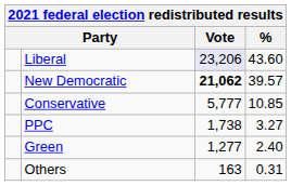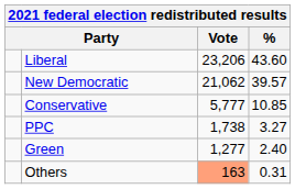 <table class="wikitable">
 <tr>
 <th colspan="4"><a href='#'>2021 federal election</a> redistributed results</th>
 </tr>
 <tr>
 <th bgcolor="#DDDDFF" width="130px" colspan="2">Party</th>
 <th bgcolor="#DDDDFF" width="50px">Vote</th>
 <th bgcolor="#DDDDFF" width="30px">%</th>
 </tr>
 <tr>
 <td> </td>
 <td><a href='#'>Liberal</a></td>
-<td align=right style="background: lavender;">23,206</td>
+<td align=right>23,206</td>
 <td align=right>43.60</td>
 </tr>
 <tr>
 <td> </td>
 <td><a href='#'>New Democratic</a></td>
-<td align=right><strong>21,062</strong></td>
+<td align=right>21,062</td>
 <td align=right>39.57</td>
 </tr>
 <tr>
 <td> </td>
 <td><a href='#'>Conservative</a></td>
 <td align=right>5,777</td>
 <td align=right>10.85</td>
 </tr>
 <tr>
 <td> </td>
 <td><a href='#'>PPC</a></td>
 <td align=right>1,738</td>
 <td align=right>3.27</td>
 </tr>
 <tr>
 <td> </td>
 <td><a href='#'>Green</a></td>
 <td align=right>1,277</td>
 <td align=right>2.40</td>
 </tr>
 <tr>
 <td> </td>
 <td>Others</td>
-<td align=right>163</td>
+<td align=right style="background: lightsalmon;">163</td>
 <td align=right>0.31</td>
 </tr>
 </table>
